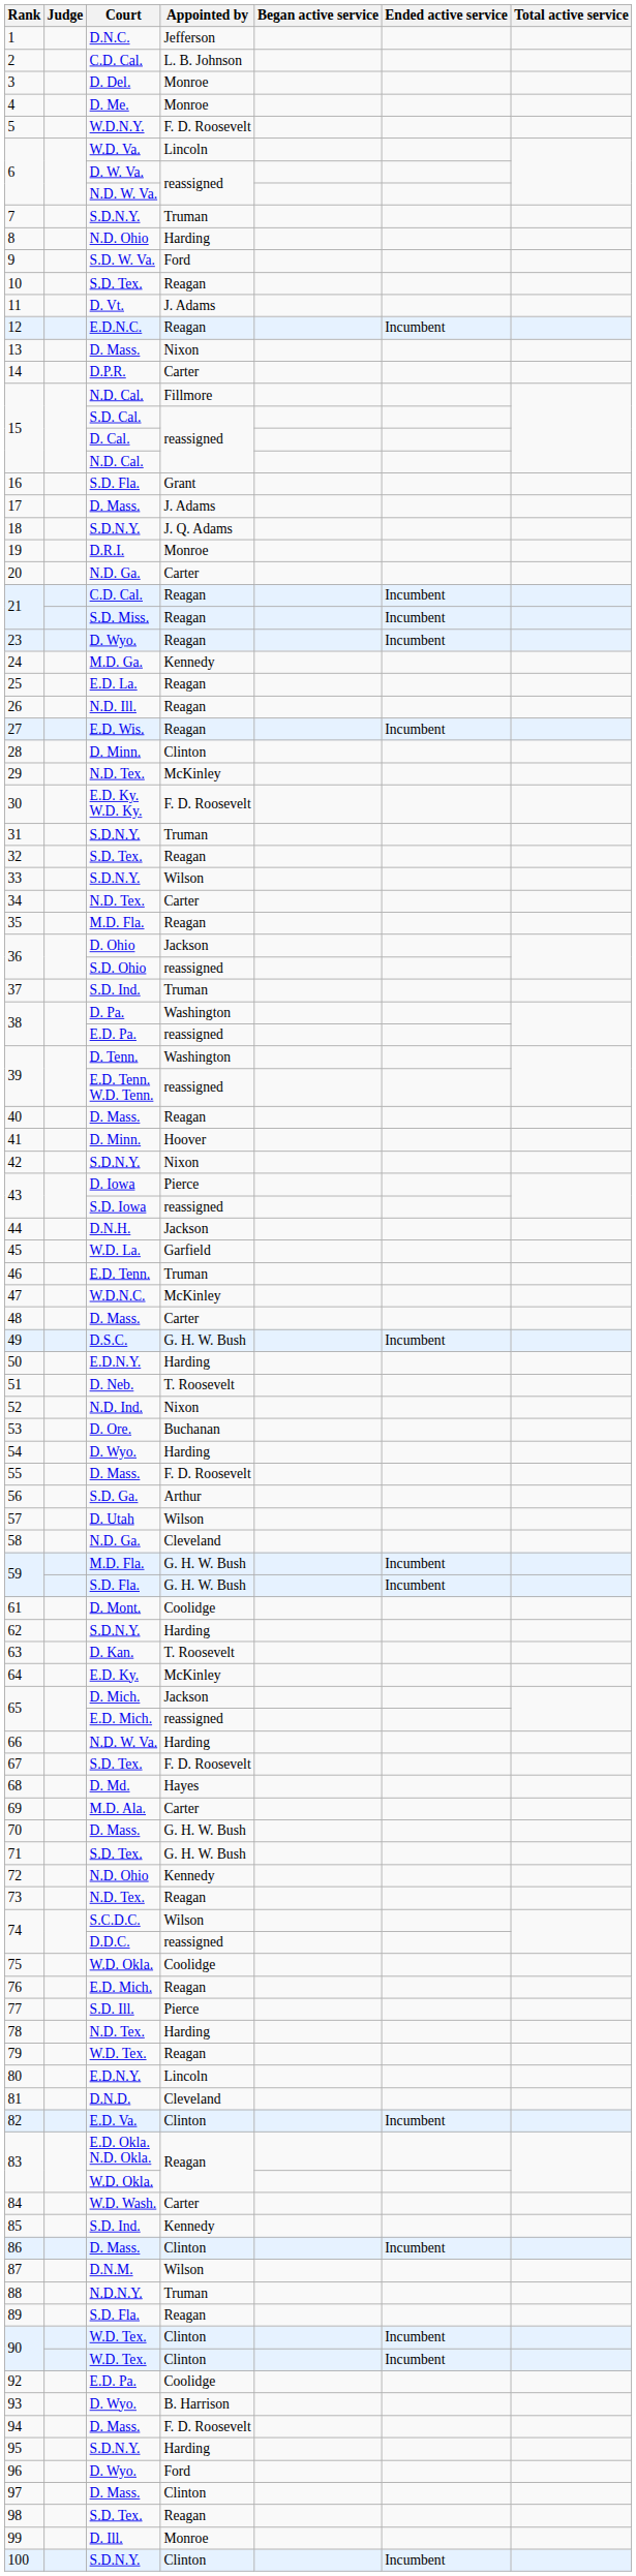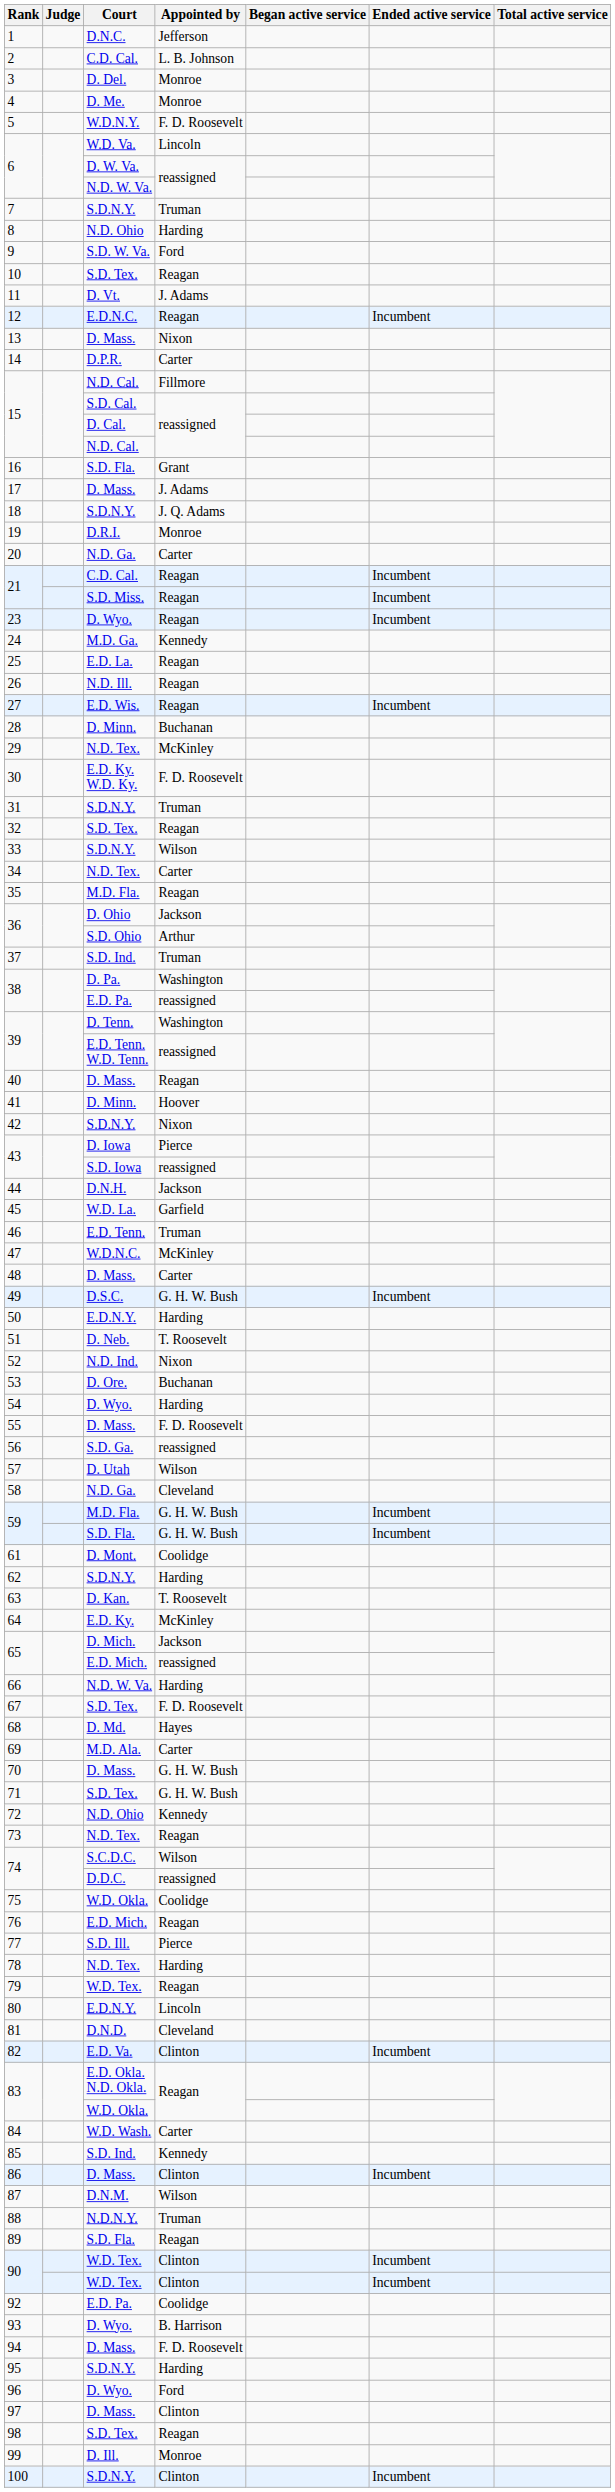 <table class="wikitable sortable">
 <tr>
 <th>Rank</th>
 <th>Judge</th>
 <th>Court</th>
 <th>Appointed by</th>
 <th>Began active service</th>
 <th>Ended active service</th>
 <th>Total active service</th>
 </tr>
 <tr>
 <td>1</td>
 <td></td>
 <td><a href='#'>D.N.C.</a></td>
 <td>Jefferson</td>
 <td></td>
 <td></td>
 <td></td>
 </tr>
 <tr>
 <td>2</td>
 <td></td>
 <td><a href='#'>C.D. Cal.</a></td>
 <td>L. B. Johnson</td>
 <td></td>
 <td></td>
 <td></td>
 </tr>
 <tr>
 <td>3</td>
 <td></td>
 <td><a href='#'>D. Del.</a></td>
 <td>Monroe</td>
 <td></td>
 <td></td>
 <td></td>
 </tr>
 <tr>
 <td>4</td>
 <td></td>
 <td><a href='#'>D. Me.</a></td>
 <td>Monroe</td>
 <td></td>
 <td></td>
 <td></td>
 </tr>
 <tr>
 <td>5</td>
 <td></td>
 <td><a href='#'>W.D.N.Y.</a></td>
 <td>F. D. Roosevelt</td>
 <td></td>
 <td></td>
 <td></td>
 </tr>
 <tr>
 <td rowspan=3>6</td>
 <td rowspan=3></td>
 <td><a href='#'>W.D. Va.</a></td>
 <td>Lincoln</td>
 <td></td>
 <td></td>
 <td rowspan=3></td>
 </tr>
 <tr>
 <td><a href='#'>D. W. Va.</a></td>
 <td rowspan=2>reassigned</td>
 <td></td>
 <td></td>
 </tr>
 <tr>
 <td><a href='#'>N.D. W. Va.</a></td>
 <td></td>
 <td></td>
 </tr>
 <tr>
 <td>7</td>
 <td></td>
 <td><a href='#'>S.D.N.Y.</a></td>
 <td>Truman</td>
 <td></td>
 <td></td>
 <td></td>
 </tr>
 <tr>
 <td>8</td>
 <td></td>
 <td><a href='#'>N.D. Ohio</a></td>
 <td>Harding</td>
 <td></td>
 <td></td>
 <td></td>
 </tr>
 <tr>
 <td>9</td>
 <td></td>
 <td><a href='#'>S.D. W. Va.</a></td>
 <td>Ford</td>
 <td></td>
 <td></td>
 <td></td>
 </tr>
 <tr>
 <td>10</td>
 <td></td>
 <td><a href='#'>S.D. Tex.</a></td>
 <td>Reagan</td>
 <td></td>
 <td></td>
 <td></td>
 </tr>
 <tr>
 <td>11</td>
 <td></td>
 <td><a href='#'>D. Vt.</a></td>
 <td>J. Adams</td>
 <td></td>
 <td></td>
 <td></td>
 </tr>
 <tr bgcolor="E6F2FF">
 <td>12</td>
 <td></td>
 <td><a href='#'>E.D.N.C.</a></td>
 <td>Reagan</td>
 <td></td>
 <td>Incumbent</td>
 <td></td>
 </tr>
 <tr>
 <td>13</td>
 <td></td>
 <td><a href='#'>D. Mass.</a></td>
 <td>Nixon</td>
 <td></td>
 <td></td>
 <td></td>
 </tr>
 <tr>
 <td>14</td>
 <td></td>
 <td><a href='#'>D.P.R.</a></td>
 <td>Carter</td>
 <td></td>
 <td></td>
 <td></td>
 </tr>
 <tr>
 <td rowspan=4>15</td>
 <td rowspan=4></td>
 <td><a href='#'>N.D. Cal.</a></td>
 <td>Fillmore</td>
 <td></td>
 <td></td>
 <td rowspan=4></td>
 </tr>
 <tr>
 <td><a href='#'>S.D. Cal.</a></td>
 <td rowspan=3>reassigned</td>
 <td></td>
 <td></td>
 </tr>
 <tr>
 <td><a href='#'>D. Cal.</a></td>
 <td></td>
 <td></td>
 </tr>
 <tr>
 <td><a href='#'>N.D. Cal.</a></td>
 <td></td>
 <td></td>
 </tr>
 <tr>
 <td>16</td>
 <td></td>
 <td><a href='#'>S.D. Fla.</a></td>
 <td>Grant</td>
 <td></td>
 <td></td>
 <td></td>
 </tr>
 <tr>
 <td>17</td>
 <td></td>
 <td><a href='#'>D. Mass.</a></td>
 <td>J. Adams</td>
 <td></td>
 <td></td>
 <td></td>
 </tr>
 <tr>
 <td>18</td>
 <td></td>
 <td><a href='#'>S.D.N.Y.</a></td>
 <td>J. Q. Adams</td>
 <td></td>
 <td></td>
 <td></td>
 </tr>
 <tr>
 <td>19</td>
 <td></td>
 <td><a href='#'>D.R.I.</a></td>
 <td>Monroe</td>
 <td></td>
 <td></td>
 <td></td>
 </tr>
 <tr>
 <td>20</td>
 <td></td>
 <td><a href='#'>N.D. Ga.</a></td>
 <td>Carter</td>
 <td></td>
 <td></td>
 <td></td>
 </tr>
 <tr bgcolor="E6F2FF">
 <td rowspan=2>21</td>
 <td></td>
 <td><a href='#'>C.D. Cal.</a></td>
 <td>Reagan</td>
 <td></td>
 <td>Incumbent</td>
 <td></td>
 </tr>
 <tr bgcolor="E6F2FF">
 <td></td>
 <td><a href='#'>S.D. Miss.</a></td>
 <td>Reagan</td>
 <td></td>
 <td>Incumbent</td>
 <td></td>
 </tr>
 <tr bgcolor="E6F2FF">
 <td>23</td>
 <td></td>
 <td><a href='#'>D. Wyo.</a></td>
 <td>Reagan</td>
 <td></td>
 <td>Incumbent</td>
 <td></td>
 </tr>
 <tr>
 <td>24</td>
 <td></td>
 <td><a href='#'>M.D. Ga.</a></td>
 <td>Kennedy</td>
 <td></td>
 <td></td>
 <td></td>
 </tr>
 <tr>
 <td>25</td>
 <td></td>
 <td><a href='#'>E.D. La.</a></td>
 <td>Reagan</td>
 <td></td>
 <td></td>
 <td></td>
 </tr>
 <tr>
 <td>26</td>
 <td></td>
 <td><a href='#'>N.D. Ill.</a></td>
 <td>Reagan</td>
 <td></td>
 <td></td>
 <td></td>
 </tr>
 <tr bgcolor="E6F2FF">
 <td>27</td>
 <td></td>
 <td><a href='#'>E.D. Wis.</a></td>
 <td>Reagan</td>
 <td></td>
 <td>Incumbent</td>
 <td></td>
 </tr>
 <tr>
 <td>28</td>
 <td></td>
 <td><a href='#'>D. Minn.</a></td>
-<td>Clinton</td>
+<td>Buchanan</td>
 <td></td>
 <td></td>
 <td></td>
 </tr>
 <tr>
 <td>29</td>
 <td></td>
 <td><a href='#'>N.D. Tex.</a></td>
 <td>McKinley</td>
 <td></td>
 <td></td>
 <td></td>
 </tr>
 <tr>
 <td>30</td>
 <td></td>
 <td><a href='#'>E.D. Ky.</a><br><a href='#'>W.D. Ky.</a></td>
 <td>F. D. Roosevelt</td>
 <td></td>
 <td></td>
 <td></td>
 </tr>
 <tr>
 <td>31</td>
 <td></td>
 <td><a href='#'>S.D.N.Y.</a></td>
 <td>Truman</td>
 <td></td>
 <td></td>
 <td></td>
 </tr>
 <tr>
 <td>32</td>
 <td></td>
 <td><a href='#'>S.D. Tex.</a></td>
 <td>Reagan</td>
 <td></td>
 <td></td>
 <td></td>
 </tr>
 <tr>
 <td>33</td>
 <td></td>
 <td><a href='#'>S.D.N.Y.</a></td>
 <td>Wilson</td>
 <td></td>
 <td></td>
 <td></td>
 </tr>
 <tr>
 <td>34</td>
 <td></td>
 <td><a href='#'>N.D. Tex.</a></td>
 <td>Carter</td>
 <td></td>
 <td></td>
 <td></td>
 </tr>
 <tr>
 <td>35</td>
 <td></td>
 <td><a href='#'>M.D. Fla.</a></td>
 <td>Reagan</td>
 <td></td>
 <td></td>
 <td></td>
 </tr>
 <tr>
 <td rowspan=2>36</td>
 <td rowspan=2></td>
 <td><a href='#'>D. Ohio</a></td>
 <td>Jackson</td>
 <td></td>
 <td></td>
 <td rowspan=2></td>
 </tr>
 <tr>
 <td><a href='#'>S.D. Ohio</a></td>
-<td>reassigned</td>
+<td>Arthur</td>
 <td></td>
 <td></td>
 </tr>
 <tr>
 <td>37</td>
 <td></td>
 <td><a href='#'>S.D. Ind.</a></td>
 <td>Truman</td>
 <td></td>
 <td></td>
 <td></td>
 </tr>
 <tr>
 <td rowspan=2>38</td>
 <td rowspan=2></td>
 <td><a href='#'>D. Pa.</a></td>
 <td>Washington</td>
 <td></td>
 <td></td>
 <td rowspan=2></td>
 </tr>
 <tr>
 <td><a href='#'>E.D. Pa.</a></td>
 <td>reassigned</td>
 <td></td>
 <td></td>
 </tr>
 <tr>
 <td rowspan=2>39</td>
 <td rowspan=2></td>
 <td><a href='#'>D. Tenn.</a></td>
 <td>Washington</td>
 <td></td>
 <td></td>
 <td rowspan=2></td>
 </tr>
 <tr>
 <td><a href='#'>E.D. Tenn.</a><br><a href='#'>W.D. Tenn.</a></td>
 <td>reassigned</td>
 <td></td>
 <td></td>
 </tr>
 <tr>
 <td>40</td>
 <td></td>
 <td><a href='#'>D. Mass.</a></td>
 <td>Reagan</td>
 <td></td>
 <td></td>
 <td></td>
 </tr>
 <tr>
 <td>41</td>
 <td></td>
 <td><a href='#'>D. Minn.</a></td>
 <td>Hoover</td>
 <td></td>
 <td></td>
 <td></td>
 </tr>
 <tr>
 <td>42</td>
 <td></td>
 <td><a href='#'>S.D.N.Y.</a></td>
 <td>Nixon</td>
 <td></td>
 <td></td>
 <td></td>
 </tr>
 <tr>
 <td rowspan=2>43</td>
 <td rowspan=2></td>
 <td><a href='#'>D. Iowa</a></td>
 <td>Pierce</td>
 <td></td>
 <td></td>
 <td rowspan=2></td>
 </tr>
 <tr>
 <td><a href='#'>S.D. Iowa</a></td>
 <td>reassigned</td>
 <td></td>
 <td></td>
 </tr>
 <tr>
 <td>44</td>
 <td></td>
 <td><a href='#'>D.N.H.</a></td>
 <td>Jackson</td>
 <td></td>
 <td></td>
 <td></td>
 </tr>
 <tr>
 <td>45</td>
 <td></td>
 <td><a href='#'>W.D. La.</a></td>
 <td>Garfield</td>
 <td></td>
 <td></td>
 <td></td>
 </tr>
 <tr>
 <td>46</td>
 <td></td>
 <td><a href='#'>E.D. Tenn.</a></td>
 <td>Truman</td>
 <td></td>
 <td></td>
 <td></td>
 </tr>
 <tr>
 <td>47</td>
 <td></td>
 <td><a href='#'>W.D.N.C.</a></td>
 <td>McKinley</td>
 <td></td>
 <td></td>
 <td></td>
 </tr>
 <tr>
 <td>48</td>
 <td></td>
 <td><a href='#'>D. Mass.</a></td>
 <td>Carter</td>
 <td></td>
 <td></td>
 <td></td>
 </tr>
 <tr bgcolor="E6F2FF">
 <td>49</td>
 <td></td>
 <td><a href='#'>D.S.C.</a></td>
 <td>G. H. W. Bush</td>
 <td></td>
 <td>Incumbent</td>
 <td></td>
 </tr>
 <tr>
 <td>50</td>
 <td></td>
 <td><a href='#'>E.D.N.Y.</a></td>
 <td>Harding</td>
 <td></td>
 <td></td>
 <td></td>
 </tr>
 <tr>
 <td>51</td>
 <td></td>
 <td><a href='#'>D. Neb.</a></td>
 <td>T. Roosevelt</td>
 <td></td>
 <td></td>
 <td></td>
 </tr>
 <tr>
 <td>52</td>
 <td></td>
 <td><a href='#'>N.D. Ind.</a></td>
 <td>Nixon</td>
 <td></td>
 <td></td>
 <td></td>
 </tr>
 <tr>
 <td>53</td>
 <td></td>
 <td><a href='#'>D. Ore.</a></td>
 <td>Buchanan</td>
 <td></td>
 <td></td>
 <td></td>
 </tr>
 <tr>
 <td>54</td>
 <td></td>
 <td><a href='#'>D. Wyo.</a></td>
 <td>Harding</td>
 <td></td>
 <td></td>
 <td></td>
 </tr>
 <tr>
 <td>55</td>
 <td></td>
 <td><a href='#'>D. Mass.</a></td>
 <td>F. D. Roosevelt</td>
 <td></td>
 <td></td>
 <td></td>
 </tr>
 <tr>
 <td>56</td>
 <td></td>
 <td><a href='#'>S.D. Ga.</a></td>
-<td>Arthur</td>
+<td>reassigned</td>
 <td></td>
 <td></td>
 <td></td>
 </tr>
 <tr>
 <td>57</td>
 <td></td>
 <td><a href='#'>D. Utah</a></td>
 <td>Wilson</td>
 <td></td>
 <td></td>
 <td></td>
 </tr>
 <tr>
 <td>58</td>
 <td></td>
 <td><a href='#'>N.D. Ga.</a></td>
 <td>Cleveland</td>
 <td></td>
 <td></td>
 <td></td>
 </tr>
 <tr bgcolor="E6F2FF">
 <td rowspan=2>59</td>
 <td></td>
 <td><a href='#'>M.D. Fla.</a></td>
 <td>G. H. W. Bush</td>
 <td></td>
 <td>Incumbent</td>
 <td></td>
 </tr>
 <tr bgcolor="E6F2FF">
 <td></td>
 <td><a href='#'>S.D. Fla.</a></td>
 <td>G. H. W. Bush</td>
 <td></td>
 <td>Incumbent</td>
 <td></td>
 </tr>
 <tr>
 <td>61</td>
 <td></td>
 <td><a href='#'>D. Mont.</a></td>
 <td>Coolidge</td>
 <td></td>
 <td></td>
 <td></td>
 </tr>
 <tr>
 <td>62</td>
 <td></td>
 <td><a href='#'>S.D.N.Y.</a></td>
 <td>Harding</td>
 <td></td>
 <td></td>
 <td></td>
 </tr>
 <tr>
 <td>63</td>
 <td></td>
 <td><a href='#'>D. Kan.</a></td>
 <td>T. Roosevelt</td>
 <td></td>
 <td></td>
 <td></td>
 </tr>
 <tr>
 <td>64</td>
 <td></td>
 <td><a href='#'>E.D. Ky.</a></td>
 <td>McKinley</td>
 <td></td>
 <td></td>
 <td></td>
 </tr>
 <tr>
 <td rowspan=2>65</td>
 <td rowspan=2></td>
 <td><a href='#'>D. Mich.</a></td>
 <td>Jackson</td>
 <td></td>
 <td></td>
 <td rowspan=2></td>
 </tr>
 <tr>
 <td><a href='#'>E.D. Mich.</a></td>
 <td>reassigned</td>
 <td></td>
 <td></td>
 </tr>
 <tr>
 <td>66</td>
 <td></td>
 <td><a href='#'>N.D. W. Va.</a></td>
 <td>Harding</td>
 <td></td>
 <td></td>
 <td></td>
 </tr>
 <tr>
 <td>67</td>
 <td></td>
 <td><a href='#'>S.D. Tex.</a></td>
 <td>F. D. Roosevelt</td>
 <td></td>
 <td></td>
 <td></td>
 </tr>
 <tr>
 <td>68</td>
 <td></td>
 <td><a href='#'>D. Md.</a></td>
 <td>Hayes</td>
 <td></td>
 <td></td>
 <td></td>
 </tr>
 <tr>
 <td>69</td>
 <td></td>
 <td><a href='#'>M.D. Ala.</a></td>
 <td>Carter</td>
 <td></td>
 <td></td>
 <td></td>
 </tr>
 <tr>
 <td>70</td>
 <td></td>
 <td><a href='#'>D. Mass.</a></td>
 <td>G. H. W. Bush</td>
 <td></td>
 <td></td>
 <td></td>
 </tr>
 <tr>
 <td>71</td>
 <td></td>
 <td><a href='#'>S.D. Tex.</a></td>
 <td>G. H. W. Bush</td>
 <td></td>
 <td></td>
 <td></td>
 </tr>
 <tr>
 <td>72</td>
 <td></td>
 <td><a href='#'>N.D. Ohio</a></td>
 <td>Kennedy</td>
 <td></td>
 <td></td>
 <td></td>
 </tr>
 <tr>
 <td>73</td>
 <td></td>
 <td><a href='#'>N.D. Tex.</a></td>
 <td>Reagan</td>
 <td></td>
 <td></td>
 <td></td>
 </tr>
 <tr>
 <td rowspan=2>74</td>
 <td rowspan=2></td>
 <td><a href='#'>S.C.D.C.</a></td>
 <td>Wilson</td>
 <td></td>
 <td></td>
 <td rowspan=2></td>
 </tr>
 <tr>
 <td><a href='#'>D.D.C.</a></td>
 <td>reassigned</td>
 <td></td>
 <td></td>
 </tr>
 <tr>
 <td>75</td>
 <td></td>
 <td><a href='#'>W.D. Okla.</a></td>
 <td>Coolidge</td>
 <td></td>
 <td></td>
 <td></td>
 </tr>
 <tr>
 <td>76</td>
 <td></td>
 <td><a href='#'>E.D. Mich.</a></td>
 <td>Reagan</td>
 <td></td>
 <td></td>
 <td></td>
 </tr>
 <tr>
 <td>77</td>
 <td></td>
 <td><a href='#'>S.D. Ill.</a></td>
 <td>Pierce</td>
 <td></td>
 <td></td>
 <td></td>
 </tr>
 <tr>
 <td>78</td>
 <td></td>
 <td><a href='#'>N.D. Tex.</a></td>
 <td>Harding</td>
 <td></td>
 <td></td>
 <td></td>
 </tr>
 <tr>
 <td>79</td>
 <td></td>
 <td><a href='#'>W.D. Tex.</a></td>
 <td>Reagan</td>
 <td></td>
 <td></td>
 <td></td>
 </tr>
 <tr>
 <td>80</td>
 <td></td>
 <td><a href='#'>E.D.N.Y.</a></td>
 <td>Lincoln</td>
 <td></td>
 <td></td>
 <td></td>
 </tr>
 <tr>
 <td>81</td>
 <td></td>
 <td><a href='#'>D.N.D.</a></td>
 <td>Cleveland</td>
 <td></td>
 <td></td>
 <td></td>
 </tr>
 <tr bgcolor="E6F2FF">
 <td>82</td>
 <td></td>
 <td><a href='#'>E.D. Va.</a></td>
 <td>Clinton</td>
 <td></td>
 <td>Incumbent</td>
 <td></td>
 </tr>
 <tr>
 <td rowspan=2>83</td>
 <td rowspan=2></td>
 <td><a href='#'>E.D. Okla.</a><br><a href='#'>N.D. Okla.</a></td>
 <td rowspan=2>Reagan</td>
 <td></td>
 <td></td>
 <td rowspan=2></td>
 </tr>
 <tr>
 <td><a href='#'>W.D. Okla.</a></td>
 <td></td>
 <td></td>
 </tr>
 <tr>
 <td>84</td>
 <td></td>
 <td><a href='#'>W.D. Wash.</a></td>
 <td>Carter</td>
 <td></td>
 <td></td>
 <td></td>
 </tr>
 <tr>
 <td>85</td>
 <td></td>
 <td><a href='#'>S.D. Ind.</a></td>
 <td>Kennedy</td>
 <td></td>
 <td></td>
 <td></td>
 </tr>
 <tr bgcolor="E6F2FF">
 <td>86</td>
 <td></td>
 <td><a href='#'>D. Mass.</a></td>
 <td>Clinton</td>
 <td></td>
 <td>Incumbent</td>
 <td></td>
 </tr>
 <tr>
 <td>87</td>
 <td></td>
 <td><a href='#'>D.N.M.</a></td>
 <td>Wilson</td>
 <td></td>
 <td></td>
 <td></td>
 </tr>
 <tr>
 <td>88</td>
 <td></td>
 <td><a href='#'>N.D.N.Y.</a></td>
 <td>Truman</td>
 <td></td>
 <td></td>
 <td></td>
 </tr>
 <tr>
 <td>89</td>
 <td></td>
 <td><a href='#'>S.D. Fla.</a></td>
 <td>Reagan</td>
 <td></td>
 <td></td>
 <td></td>
 </tr>
 <tr bgcolor="E6F2FF">
 <td rowspan=2>90</td>
 <td></td>
 <td><a href='#'>W.D. Tex.</a></td>
 <td>Clinton</td>
 <td></td>
 <td>Incumbent</td>
 <td></td>
 </tr>
 <tr bgcolor="E6F2FF">
 <td></td>
 <td><a href='#'>W.D. Tex.</a></td>
 <td>Clinton</td>
 <td></td>
 <td>Incumbent</td>
 <td></td>
 </tr>
 <tr>
 <td>92</td>
 <td></td>
 <td><a href='#'>E.D. Pa.</a></td>
 <td>Coolidge</td>
 <td></td>
 <td></td>
 <td></td>
 </tr>
 <tr>
 <td>93</td>
 <td></td>
 <td><a href='#'>D. Wyo.</a></td>
 <td>B. Harrison</td>
 <td></td>
 <td></td>
 <td></td>
 </tr>
 <tr>
 <td>94</td>
 <td></td>
 <td><a href='#'>D. Mass.</a></td>
 <td>F. D. Roosevelt</td>
 <td></td>
 <td></td>
 <td></td>
 </tr>
 <tr>
 <td>95</td>
 <td></td>
 <td><a href='#'>S.D.N.Y.</a></td>
 <td>Harding</td>
 <td></td>
 <td></td>
 <td></td>
 </tr>
 <tr>
 <td>96</td>
 <td></td>
 <td><a href='#'>D. Wyo.</a></td>
 <td>Ford</td>
 <td></td>
 <td></td>
 <td></td>
 </tr>
 <tr>
 <td>97</td>
 <td></td>
 <td><a href='#'>D. Mass.</a></td>
 <td>Clinton</td>
 <td></td>
 <td></td>
 <td></td>
 </tr>
 <tr>
 <td>98</td>
 <td></td>
 <td><a href='#'>S.D. Tex.</a></td>
 <td>Reagan</td>
 <td></td>
 <td></td>
 <td></td>
 </tr>
 <tr>
 <td>99</td>
 <td></td>
 <td><a href='#'>D. Ill.</a></td>
 <td>Monroe</td>
 <td></td>
 <td></td>
 <td></td>
 </tr>
 <tr bgcolor="E6F2FF">
 <td>100</td>
 <td></td>
 <td><a href='#'>S.D.N.Y.</a></td>
 <td>Clinton</td>
 <td></td>
 <td>Incumbent</td>
 <td><br> </td>
 </tr>
 </table>
